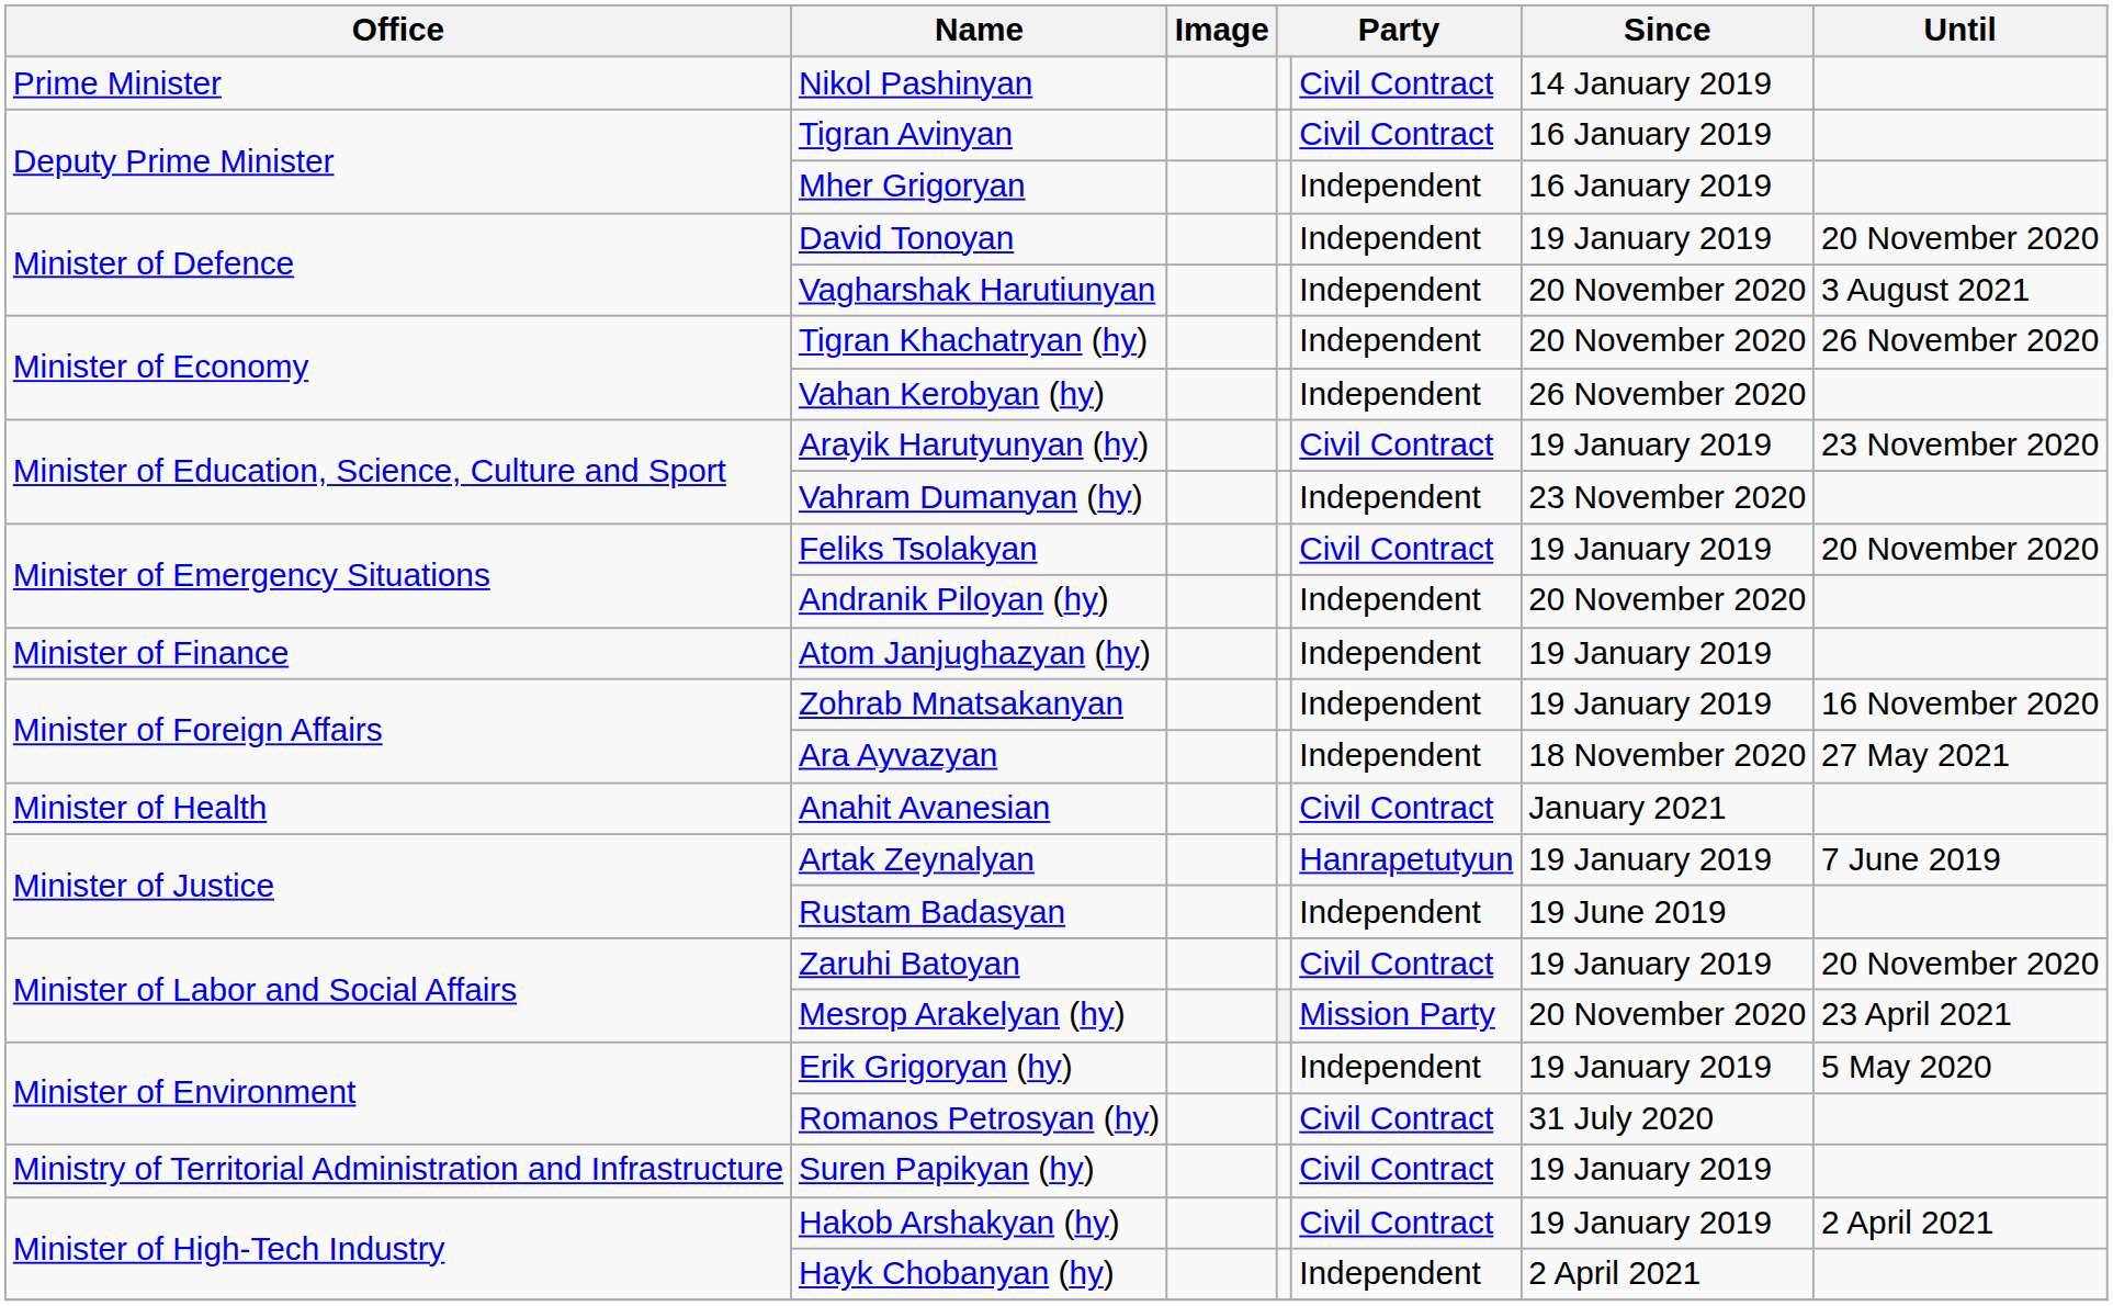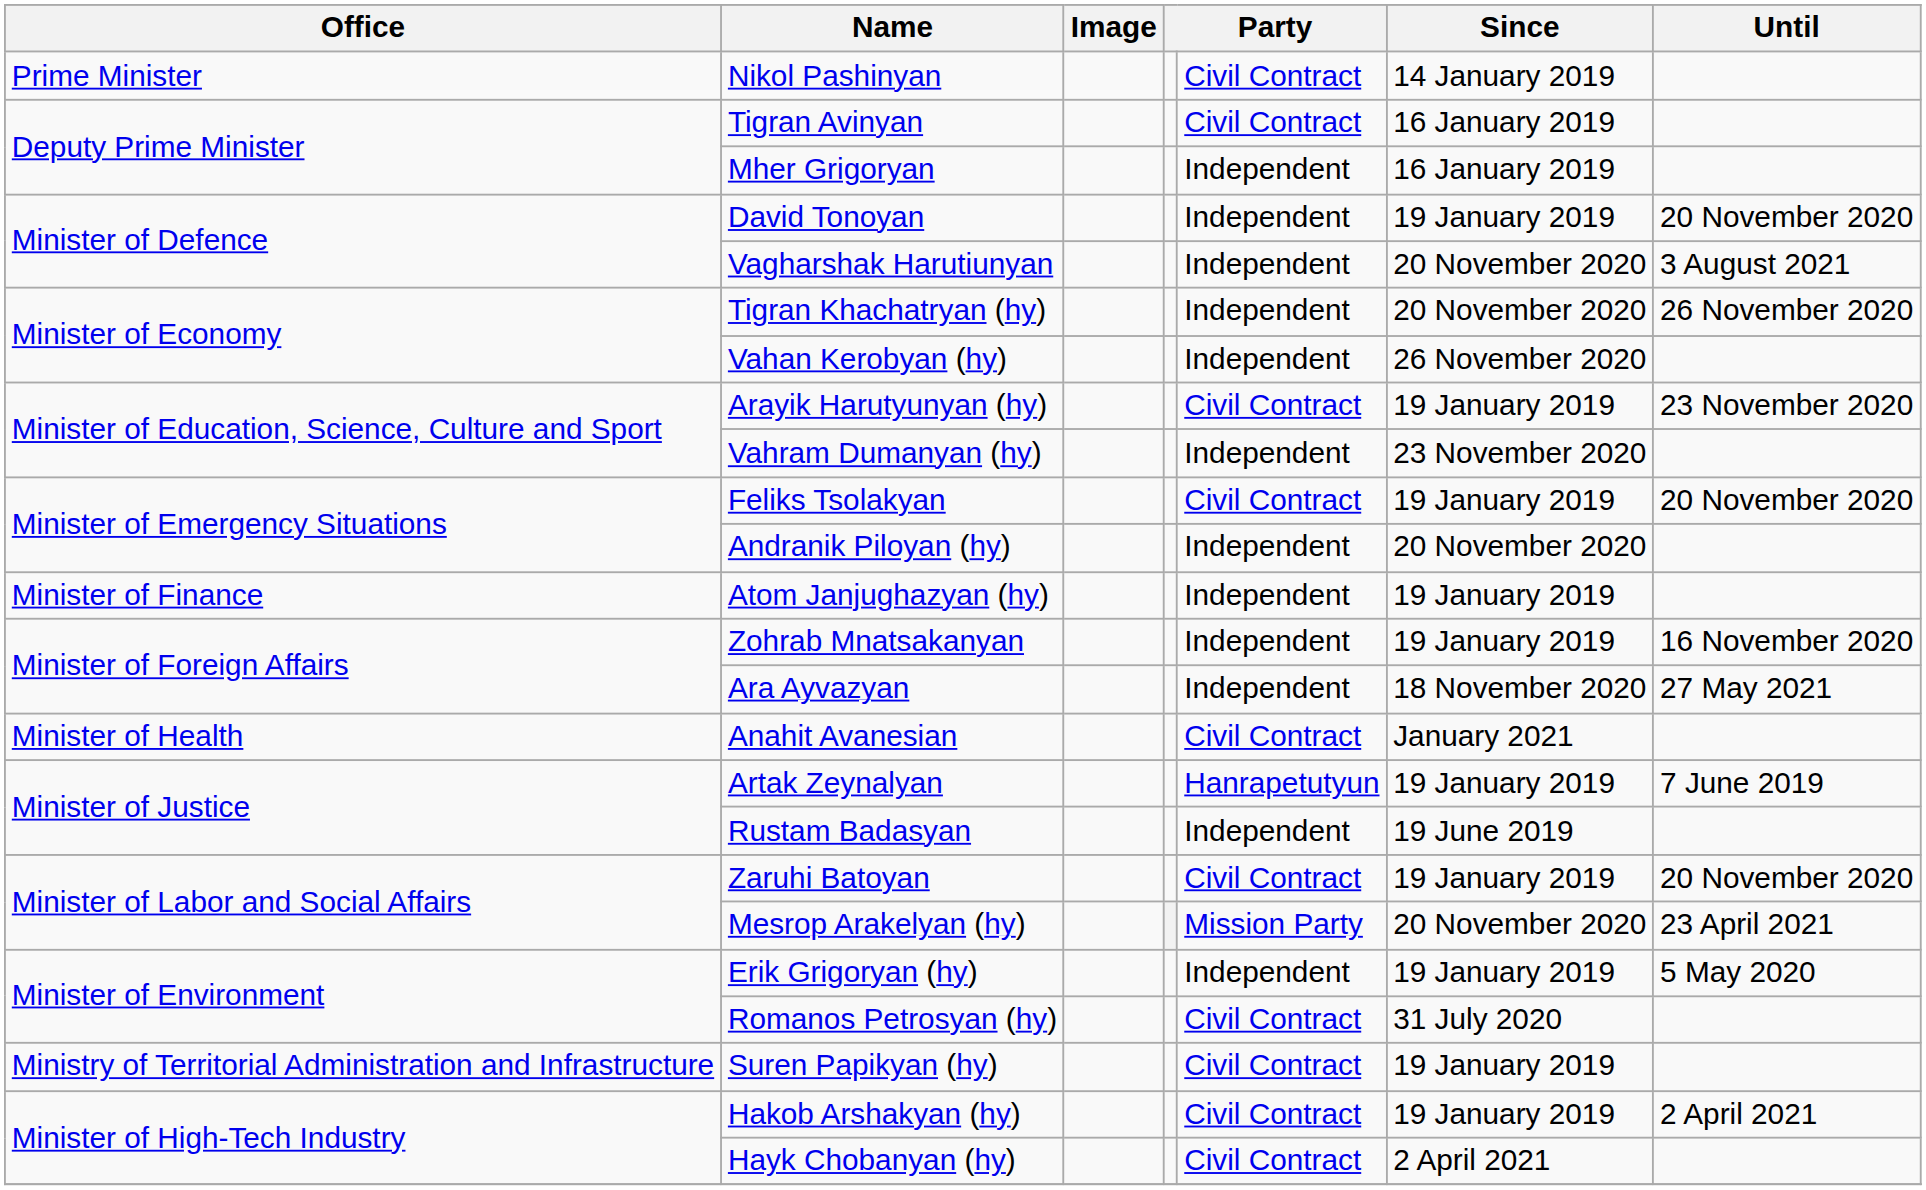 <table class="wikitable">
 <tr>
 <th>Office</th>
 <th>Name</th>
 <th>Image</th>
 <th colspan="2">Party</th>
 <th>Since</th>
 <th>Until</th>
 </tr>
 <tr>
 <td><a href='#'>Prime Minister</a></td>
 <td><a href='#'>Nikol Pashinyan</a></td>
 <td></td>
 <td style="background:"></td>
 <td><a href='#'>Civil Contract</a></td>
 <td>14 January 2019</td>
 <td></td>
 </tr>
 <tr>
 <td rowspan="2"><a href='#'>Deputy Prime Minister</a></td>
 <td><a href='#'>Tigran Avinyan</a></td>
 <td></td>
 <td style="background:"></td>
 <td><a href='#'>Civil Contract</a></td>
 <td>16 January 2019</td>
 <td></td>
 </tr>
 <tr>
 <td><a href='#'>Mher Grigoryan</a></td>
 <td></td>
 <td style="background:"></td>
 <td>Independent</td>
 <td>16 January 2019</td>
 <td></td>
 </tr>
 <tr>
 <td rowspan="2"><a href='#'>Minister of Defence</a></td>
 <td><a href='#'>David Tonoyan</a></td>
 <td></td>
 <td style="background:"></td>
 <td>Independent</td>
 <td>19 January 2019</td>
 <td>20 November 2020</td>
 </tr>
 <tr>
 <td><a href='#'>Vagharshak Harutiunyan</a></td>
 <td></td>
 <td style="background:"></td>
 <td>Independent</td>
 <td>20 November 2020</td>
 <td>3 August 2021</td>
 </tr>
 <tr>
 <td rowspan="2"><a href='#'>Minister of Economy</a></td>
 <td><a href='#'>Tigran Khachatryan</a> (<a href='#'>hy</a>)</td>
 <td></td>
 <td style="background:"></td>
 <td>Independent</td>
 <td>20 November 2020</td>
 <td>26 November 2020</td>
 </tr>
 <tr>
 <td><a href='#'>Vahan Kerobyan</a> (<a href='#'>hy</a>)</td>
 <td></td>
 <td style="background:"></td>
 <td>Independent</td>
 <td>26 November 2020</td>
 <td></td>
 </tr>
 <tr>
 <td rowspan="2"><a href='#'>Minister of Education, Science, Culture and Sport</a></td>
 <td><a href='#'>Arayik Harutyunyan</a> (<a href='#'>hy</a>)</td>
 <td></td>
 <td style="background:"></td>
 <td><a href='#'>Civil Contract</a></td>
 <td>19 January 2019</td>
 <td>23 November 2020</td>
 </tr>
 <tr>
 <td><a href='#'>Vahram Dumanyan</a> (<a href='#'>hy</a>)</td>
 <td></td>
 <td style="background:"></td>
 <td>Independent</td>
 <td>23 November 2020</td>
 <td></td>
 </tr>
 <tr>
 <td rowspan="2"><a href='#'>Minister of Emergency Situations</a></td>
 <td><a href='#'>Feliks Tsolakyan</a></td>
 <td></td>
 <td style="background:"></td>
 <td><a href='#'>Civil Contract</a></td>
 <td>19 January 2019</td>
 <td>20 November 2020</td>
 </tr>
 <tr>
 <td><a href='#'>Andranik Piloyan</a> (<a href='#'>hy</a>)</td>
 <td></td>
 <td style="background:"></td>
 <td>Independent</td>
 <td>20 November 2020</td>
 <td></td>
 </tr>
 <tr>
 <td><a href='#'>Minister of Finance</a></td>
 <td><a href='#'>Atom Janjughazyan</a>  (<a href='#'>hy</a>)</td>
 <td></td>
 <td style="background:"></td>
 <td>Independent</td>
 <td>19 January 2019</td>
 <td></td>
 </tr>
 <tr>
 <td rowspan="2"><a href='#'>Minister of Foreign Affairs</a></td>
 <td><a href='#'>Zohrab Mnatsakanyan</a></td>
 <td></td>
 <td style="background:"></td>
 <td>Independent</td>
 <td>19 January 2019</td>
 <td>16 November 2020</td>
 </tr>
 <tr>
 <td><a href='#'>Ara Ayvazyan</a></td>
 <td></td>
 <td style="background:"></td>
 <td>Independent</td>
 <td>18 November 2020</td>
 <td>27 May 2021</td>
 </tr>
 <tr>
 <td><a href='#'>Minister of Health</a></td>
 <td><a href='#'>Anahit Avanesian</a></td>
 <td></td>
 <td style="background:"></td>
 <td><a href='#'>Civil Contract</a></td>
 <td>January 2021</td>
 <td></td>
 </tr>
 <tr>
 <td rowspan="2"><a href='#'>Minister of Justice</a></td>
 <td><a href='#'>Artak Zeynalyan</a></td>
 <td></td>
 <td style="background:"></td>
 <td><a href='#'>Hanrapetutyun</a></td>
 <td>19 January 2019</td>
 <td>7 June 2019</td>
 </tr>
 <tr>
 <td><a href='#'>Rustam Badasyan</a></td>
 <td></td>
 <td style="background:"></td>
 <td>Independent</td>
 <td>19 June 2019</td>
 <td></td>
 </tr>
 <tr>
 <td rowspan="2"><a href='#'>Minister of Labor and Social Affairs</a></td>
 <td><a href='#'>Zaruhi Batoyan</a></td>
 <td></td>
 <td style="background:"></td>
 <td><a href='#'>Civil Contract</a></td>
 <td>19 January 2019</td>
 <td>20 November 2020</td>
 </tr>
 <tr>
 <td><a href='#'>Mesrop Arakelyan</a> (<a href='#'>hy</a>)</td>
 <td></td>
 <th style="background-color: "></th>
 <td><a href='#'>Mission Party</a></td>
 <td>20 November 2020</td>
 <td>23 April 2021</td>
 </tr>
 <tr>
 <td rowspan="2"><a href='#'>Minister of Environment</a></td>
 <td><a href='#'>Erik Grigoryan</a> (<a href='#'>hy</a>)</td>
 <td></td>
 <td style="background:"></td>
 <td>Independent</td>
 <td>19 January 2019</td>
 <td>5 May 2020</td>
 </tr>
 <tr>
 <td><a href='#'>Romanos Petrosyan</a> (<a href='#'>hy</a>)</td>
 <td></td>
 <td style="background:"></td>
 <td><a href='#'>Civil Contract</a></td>
 <td>31 July 2020</td>
 <td></td>
 </tr>
 <tr>
 <td><a href='#'>Ministry of Territorial Administration and Infrastructure</a></td>
 <td><a href='#'>Suren Papikyan</a> (<a href='#'>hy</a>)</td>
 <td></td>
 <td style="background:"></td>
 <td><a href='#'>Civil Contract</a></td>
 <td>19 January 2019</td>
 <td></td>
 </tr>
 <tr>
 <td rowspan="2"><a href='#'>Minister of High-Tech Industry</a></td>
 <td><a href='#'>Hakob Arshakyan</a> (<a href='#'>hy</a>)</td>
 <td></td>
 <td style="background:"></td>
 <td><a href='#'>Civil Contract</a></td>
 <td>19 January 2019</td>
 <td>2 April 2021</td>
 </tr>
 <tr>
 <td><a href='#'>Hayk Chobanyan</a> (<a href='#'>hy</a>)</td>
 <td></td>
 <td style="background:"></td>
-<td>Independent</td>
+<td><a href='#'>Civil Contract</a></td>
 <td>2 April 2021</td>
 <td></td>
 </tr>
 <tr>
 </tr>
 </table>
